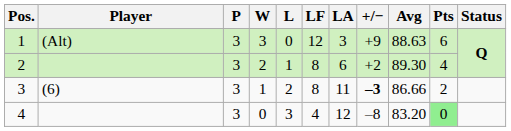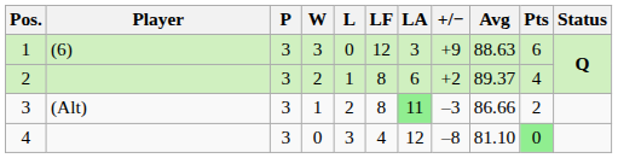 <table class="wikitable" style="text-align:center; margin: 1em auto 1em auto, align:left">
 <tr>
 <th width=20>Pos.</th>
 <th width=185>Player</th>
 <th width=20>P</th>
 <th width=20>W</th>
 <th width=20>L</th>
 <th width=20>LF</th>
 <th width=20>LA</th>
 <th width=25>+/−</th>
 <th width=30>Avg</th>
 <th width=20>Pts</th>
 <th width=40>Status</th>
 </tr>
 <tr style="background:#D0F0C0;">
 <td>1</td>
-<td align=left> (Alt)</td>
+<td align=left> (6)</td>
 <td>3</td>
 <td>3</td>
 <td>0</td>
 <td>12</td>
 <td>3</td>
 <td>+9</td>
 <td>88.63</td>
 <td>6</td>
 <td rowspan=2><strong>Q</strong></td>
 </tr>
 <tr style="background:#D0F0C0;">
 <td>2</td>
 <td align=left></td>
 <td>3</td>
 <td>2</td>
 <td>1</td>
 <td>8</td>
 <td>6</td>
 <td>+2</td>
-<td>89.30</td>
+<td>89.37</td>
 <td>4</td>
 </tr>
 <tr>
 <td>3</td>
-<td align=left> (6)</td>
+<td align=left> (Alt)</td>
 <td>3</td>
 <td>1</td>
 <td>2</td>
 <td>8</td>
-<td>11</td>
-<td><strong>–3</strong></td>
+<td style="background: lightgreen;">11</td>
+<td>–3</td>
 <td>86.66</td>
 <td>2</td>
 <td></td>
 </tr>
 <tr>
 <td>4</td>
 <td align=left></td>
 <td>3</td>
 <td>0</td>
 <td>3</td>
 <td>4</td>
 <td>12</td>
 <td>–8</td>
-<td>83.20</td>
+<td>81.10</td>
 <td style="background: lightgreen;">0</td>
 <td></td>
 </tr>
 </table>
